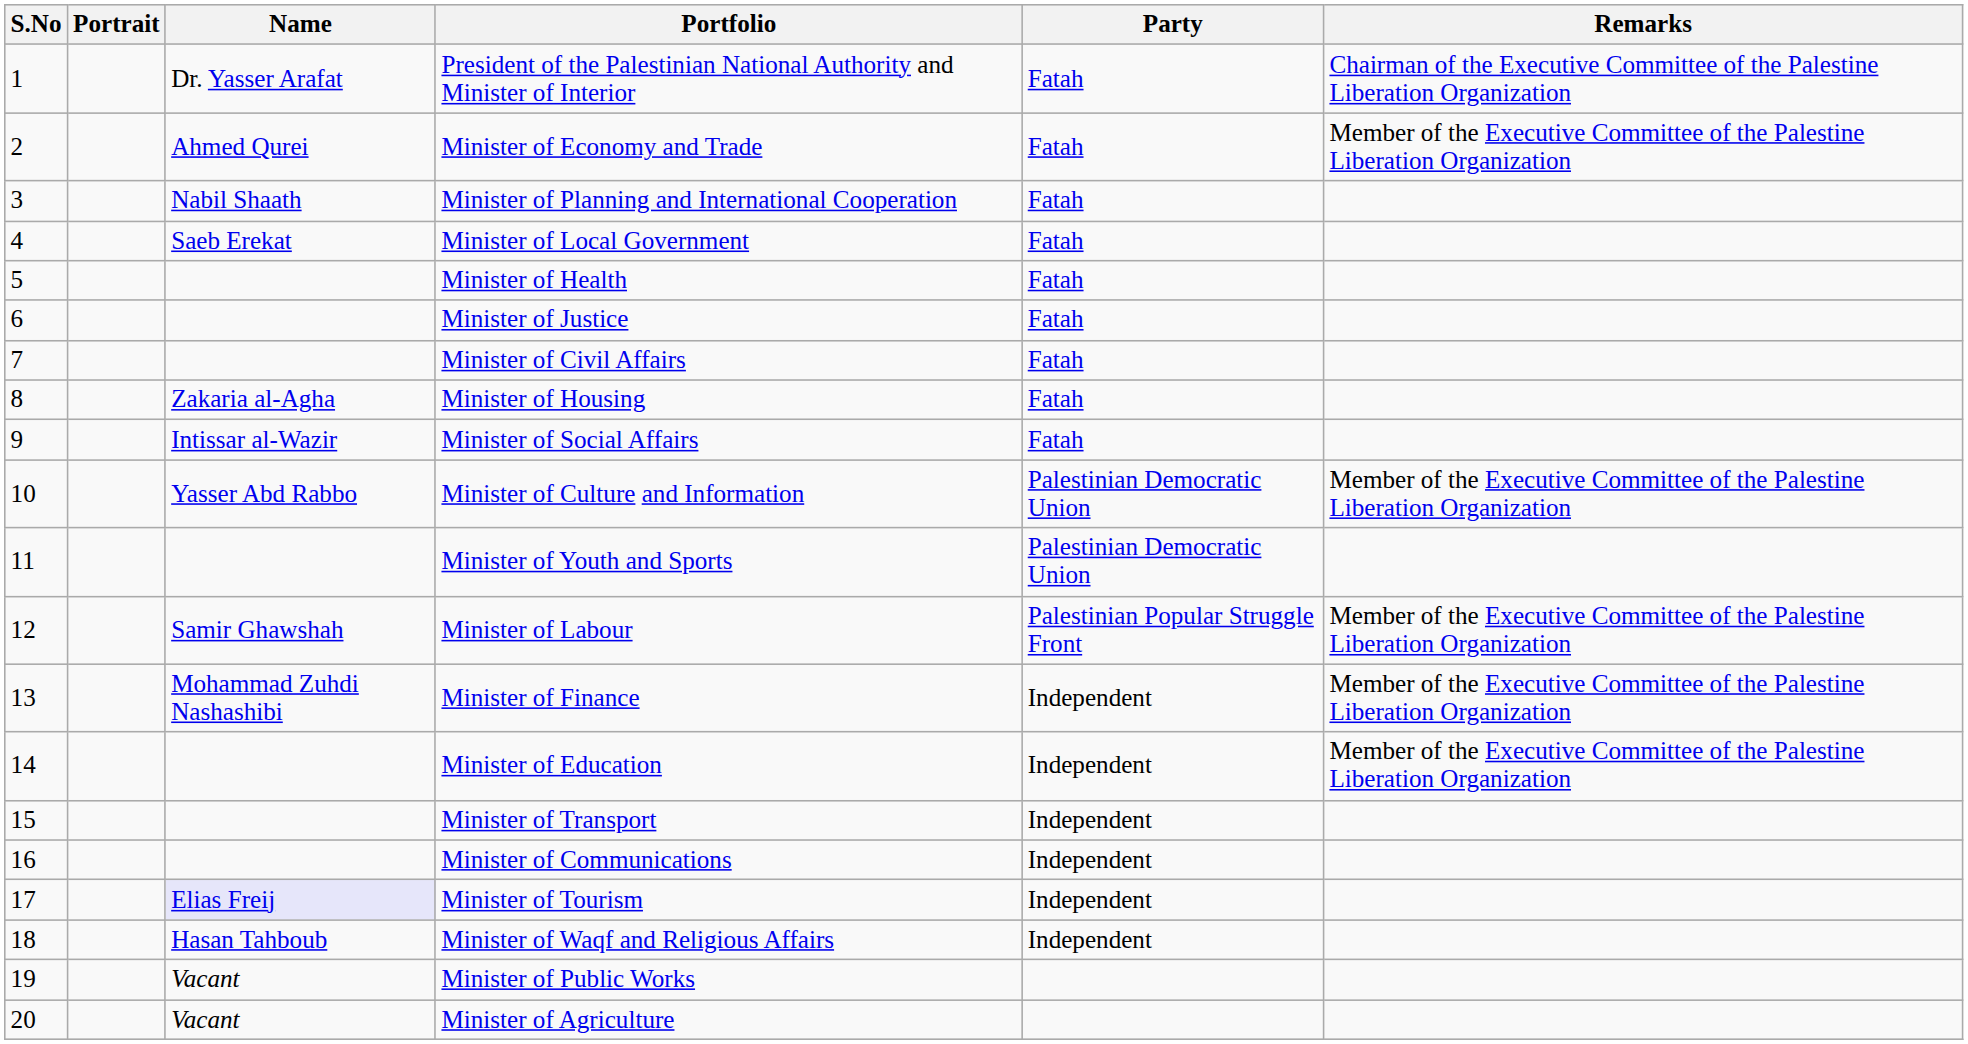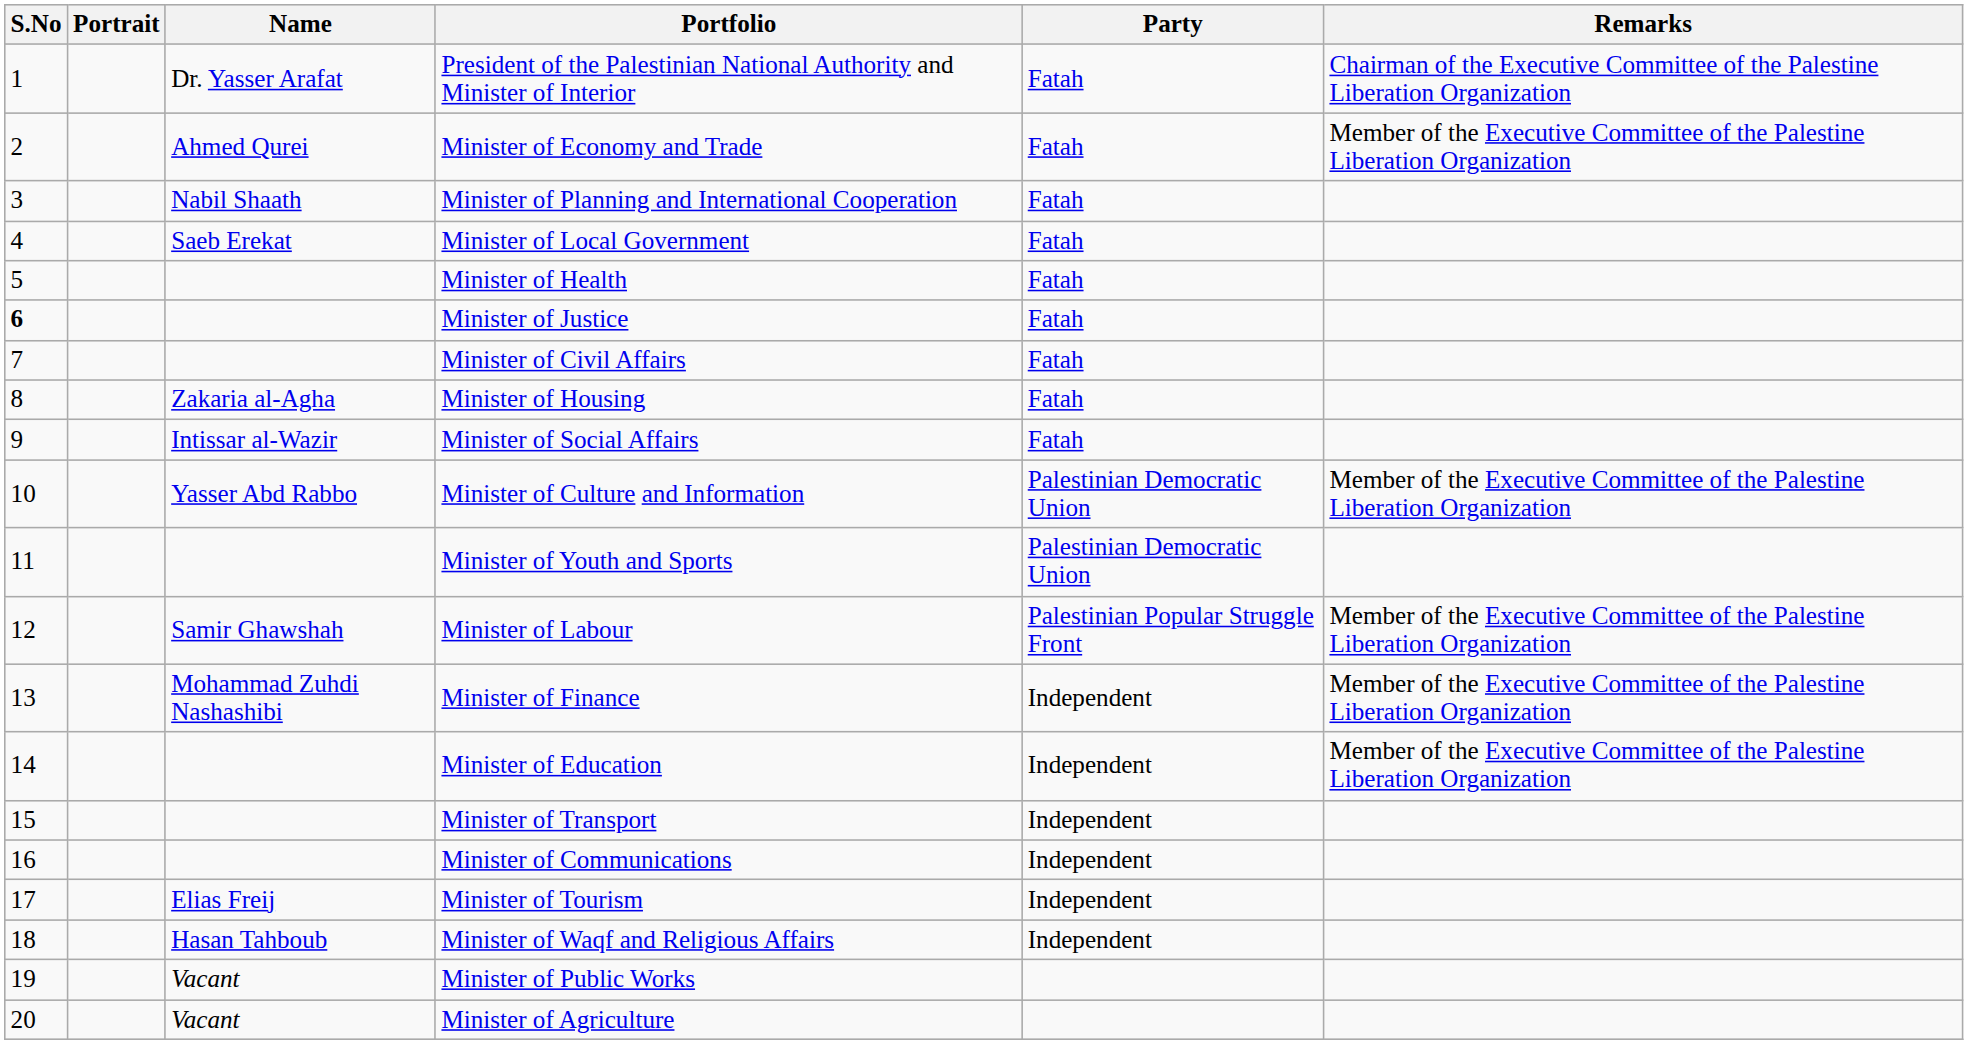 <table class="wikitable sortable">
 <tr>
 <th>S.No</th>
 <th>Portrait</th>
 <th>Name</th>
 <th>Portfolio</th>
 <th>Party</th>
 <th>Remarks</th>
 </tr>
 <tr>
 <td>1</td>
 <td></td>
 <td>Dr. <a href='#'>Yasser Arafat</a></td>
 <td><a href='#'>President of the Palestinian National Authority</a> and <a href='#'>Minister of Interior</a></td>
 <td><a href='#'>Fatah</a></td>
 <td><a href='#'>Chairman of the Executive Committee of the Palestine Liberation Organization</a></td>
 </tr>
 <tr>
 <td>2</td>
 <td></td>
 <td><a href='#'>Ahmed Qurei</a></td>
 <td><a href='#'>Minister of Economy and Trade</a></td>
 <td><a href='#'>Fatah</a></td>
 <td>Member of the <a href='#'>Executive Committee of the Palestine Liberation Organization</a></td>
 </tr>
 <tr>
 <td>3</td>
 <td></td>
 <td><a href='#'>Nabil Shaath</a></td>
 <td><a href='#'>Minister of Planning and International Cooperation</a></td>
 <td><a href='#'>Fatah</a></td>
 <td></td>
 </tr>
 <tr>
 <td>4</td>
 <td></td>
 <td><a href='#'>Saeb Erekat</a></td>
 <td><a href='#'>Minister of Local Government</a></td>
 <td><a href='#'>Fatah</a></td>
 <td></td>
 </tr>
 <tr>
 <td>5</td>
 <td></td>
 <td></td>
 <td><a href='#'>Minister of Health</a></td>
 <td><a href='#'>Fatah</a></td>
 <td></td>
 </tr>
 <tr>
-<td>6</td>
+<td><strong>6</strong></td>
 <td></td>
 <td></td>
 <td><a href='#'>Minister of Justice</a></td>
 <td><a href='#'>Fatah</a></td>
 <td></td>
 </tr>
 <tr>
 <td>7</td>
 <td></td>
 <td></td>
 <td><a href='#'>Minister of Civil Affairs</a></td>
 <td><a href='#'>Fatah</a></td>
 <td></td>
 </tr>
 <tr>
 <td>8</td>
 <td></td>
 <td><a href='#'>Zakaria al-Agha</a></td>
 <td><a href='#'>Minister of Housing</a></td>
 <td><a href='#'>Fatah</a></td>
 <td></td>
 </tr>
 <tr>
 <td>9</td>
 <td></td>
 <td><a href='#'>Intissar al-Wazir</a></td>
 <td><a href='#'>Minister of Social Affairs</a></td>
 <td><a href='#'>Fatah</a></td>
 <td></td>
 </tr>
 <tr>
 <td>10</td>
 <td></td>
 <td><a href='#'>Yasser Abd Rabbo</a></td>
 <td><a href='#'>Minister of Culture</a> <a href='#'>and Information</a></td>
 <td><a href='#'>Palestinian Democratic Union</a></td>
 <td>Member of the <a href='#'>Executive Committee of the Palestine Liberation Organization</a></td>
 </tr>
 <tr>
 <td>11</td>
 <td></td>
 <td></td>
 <td><a href='#'>Minister of Youth and Sports</a></td>
 <td><a href='#'>Palestinian Democratic Union</a></td>
 <td></td>
 </tr>
 <tr>
 <td>12</td>
 <td></td>
 <td><a href='#'>Samir Ghawshah</a></td>
 <td><a href='#'>Minister of Labour</a></td>
 <td><a href='#'>Palestinian Popular Struggle Front</a></td>
 <td>Member of the <a href='#'>Executive Committee of the Palestine Liberation Organization</a></td>
 </tr>
 <tr>
 <td>13</td>
 <td></td>
 <td><a href='#'>Mohammad Zuhdi Nashashibi</a></td>
 <td><a href='#'>Minister of Finance</a></td>
 <td>Independent</td>
 <td>Member of the <a href='#'>Executive Committee of the Palestine Liberation Organization</a></td>
 </tr>
 <tr>
 <td>14</td>
 <td></td>
 <td></td>
 <td><a href='#'>Minister of Education</a></td>
 <td>Independent</td>
 <td>Member of the <a href='#'>Executive Committee of the Palestine Liberation Organization</a></td>
 </tr>
 <tr>
 <td>15</td>
 <td></td>
 <td></td>
 <td><a href='#'>Minister of Transport</a></td>
 <td>Independent</td>
 <td></td>
 </tr>
 <tr>
 <td>16</td>
 <td></td>
 <td></td>
 <td><a href='#'>Minister of Communications</a></td>
 <td>Independent</td>
 <td></td>
 </tr>
 <tr>
 <td>17</td>
 <td></td>
-<td style="background: lavender;"><a href='#'>Elias Freij</a></td>
+<td><a href='#'>Elias Freij</a></td>
 <td><a href='#'>Minister of Tourism</a></td>
 <td>Independent</td>
 <td></td>
 </tr>
 <tr>
 <td>18</td>
 <td></td>
 <td><a href='#'>Hasan Tahboub</a></td>
 <td><a href='#'>Minister of Waqf and Religious Affairs</a></td>
 <td>Independent</td>
 <td></td>
 </tr>
 <tr>
 <td>19</td>
 <td></td>
 <td><em>Vacant</em></td>
 <td><a href='#'>Minister of Public Works</a></td>
 <td></td>
 <td></td>
 </tr>
 <tr>
 <td>20</td>
 <td></td>
 <td><em>Vacant</em></td>
 <td><a href='#'>Minister of Agriculture</a></td>
 <td></td>
 <td></td>
 </tr>
 <tr>
 </tr>
 </table>
